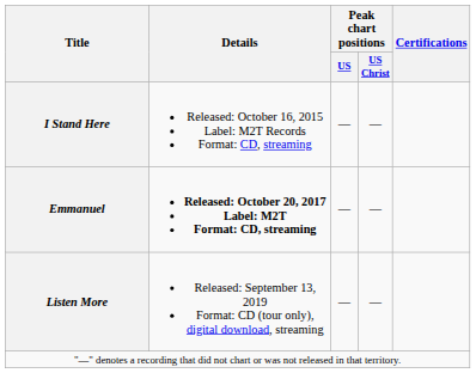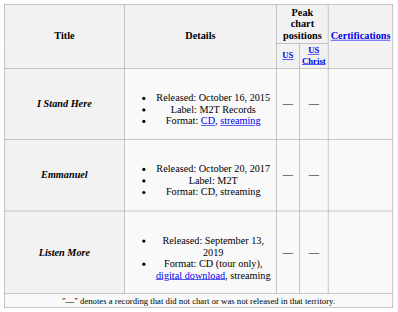 <table class="wikitable plainrowheaders" style="text-align:center;">
 <tr>
 <th rowspan="2" scope="col" style="width:18em;">Title</th>
 <th rowspan="2" scope="col" style="width:22em;">Details</th>
 <th colspan="2" scope="col">Peak chart positions</th>
 <th rowspan="2"><a href='#'>Certifications</a></th>
 </tr>
 <tr>
 <th scope="col" style="width:3em;font-size:85%;"><a href='#'>US</a><br></th>
 <th scope="col" style="width:3em;font-size:85%;"><a href='#'>US<br>Christ</a><br></th>
 </tr>
 <tr>
 <th scope="row"><em>I Stand Here</em></th>
 <td><br><ul><li>Released: October 16, 2015</li><li>Label: M2T Records</li><li>Format: <a href='#'>CD</a>, <a href='#'>streaming</a></li></ul></td>
 <td>—</td>
 <td>—</td>
 <td></td>
 </tr>
 <tr>
 <th scope="row"><em>Emmanuel</em></th>
-<td><strong><br><ul><li>Released: October 20, 2017</li><li>Label: M2T</li><li>Format: CD, streaming</li></ul></strong></td>
+<td><br><ul><li>Released: October 20, 2017</li><li>Label: M2T</li><li>Format: CD, streaming</li></ul></td>
 <td>—</td>
 <td>—</td>
 <td></td>
 </tr>
 <tr>
 <th scope="row"><em>Listen More</em></th>
 <td><br><ul><li>Released: September 13, 2019</li><li>Format: CD (tour only), <a href='#'>digital download</a>, streaming</li></ul></td>
 <td>—</td>
 <td>—</td>
 <td></td>
 </tr>
 <tr>
 <td colspan="14" style="font-size:85%">"—" denotes a recording that did not chart or was not released in that territory.</td>
 </tr>
 </table>
